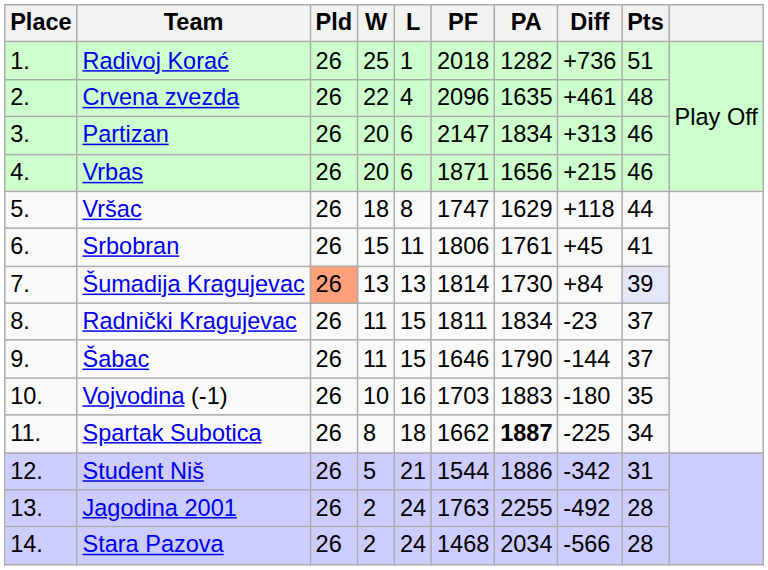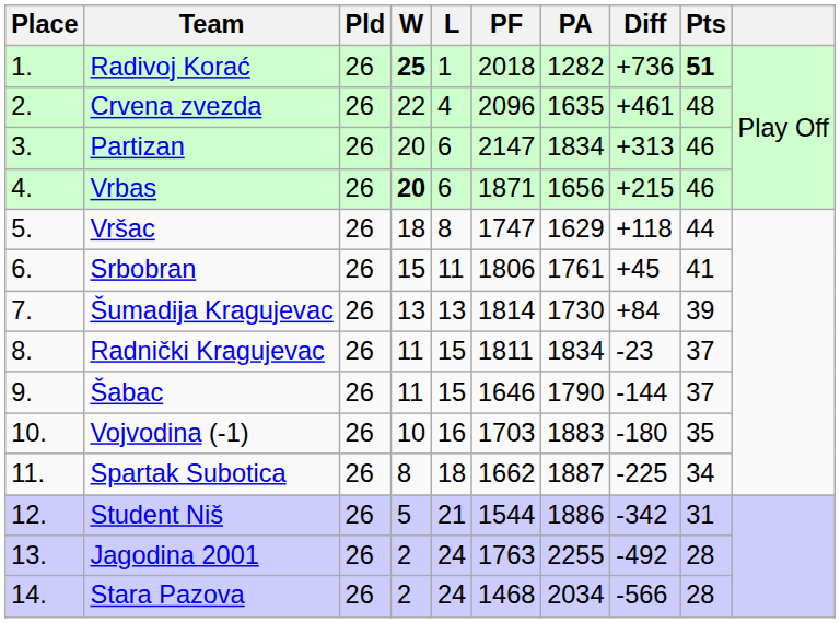 <table class="wikitable">
 <tr>
 <th>Place</th>
 <th>Team</th>
 <th>Pld</th>
 <th>W</th>
 <th>L</th>
 <th>PF</th>
 <th>PA</th>
 <th>Diff</th>
 <th>Pts</th>
 <th></th>
 </tr>
 <tr bgcolor=#ccffcc>
 <td>1.</td>
 <td><a href='#'>Radivoj Korać</a></td>
 <td>26</td>
-<td>25</td>
+<td><strong>25</strong></td>
 <td>1</td>
 <td>2018</td>
 <td>1282</td>
 <td>+736</td>
-<td>51</td>
+<td><strong>51</strong></td>
 <td rowspan="4">Play Off</td>
 </tr>
 <tr bgcolor=#ccffcc>
 <td>2.</td>
 <td><a href='#'>Crvena zvezda</a></td>
 <td>26</td>
 <td>22</td>
 <td>4</td>
 <td>2096</td>
 <td>1635</td>
 <td>+461</td>
 <td>48</td>
 </tr>
 <tr bgcolor=#ccffcc>
 <td>3.</td>
 <td><a href='#'>Partizan</a></td>
 <td>26</td>
 <td>20</td>
 <td>6</td>
 <td>2147</td>
 <td>1834</td>
 <td>+313</td>
 <td>46</td>
 </tr>
 <tr bgcolor=#ccffcc>
 <td>4.</td>
 <td><a href='#'>Vrbas</a></td>
 <td>26</td>
-<td>20</td>
+<td><strong>20</strong></td>
 <td>6</td>
 <td>1871</td>
 <td>1656</td>
 <td>+215</td>
 <td>46</td>
 </tr>
 <tr>
 <td>5.</td>
 <td><a href='#'>Vršac</a></td>
 <td>26</td>
 <td>18</td>
 <td>8</td>
 <td>1747</td>
 <td>1629</td>
 <td>+118</td>
 <td>44</td>
 <td rowspan="7"></td>
 </tr>
 <tr>
 <td>6.</td>
 <td><a href='#'>Srbobran</a></td>
 <td>26</td>
 <td>15</td>
 <td>11</td>
 <td>1806</td>
 <td>1761</td>
 <td>+45</td>
 <td>41</td>
 </tr>
 <tr>
 <td>7.</td>
 <td><a href='#'>Šumadija Kragujevac</a></td>
-<td style="background: lightsalmon;">26</td>
+<td>26</td>
 <td>13</td>
 <td>13</td>
 <td>1814</td>
 <td>1730</td>
 <td>+84</td>
-<td style="background: lavender;">39</td>
+<td>39</td>
 </tr>
 <tr>
 <td>8.</td>
 <td><a href='#'>Radnički Kragujevac</a></td>
 <td>26</td>
 <td>11</td>
 <td>15</td>
 <td>1811</td>
 <td>1834</td>
 <td>-23</td>
 <td>37</td>
 </tr>
 <tr>
 <td>9.</td>
 <td><a href='#'>Šabac</a></td>
 <td>26</td>
 <td>11</td>
 <td>15</td>
 <td>1646</td>
 <td>1790</td>
 <td>-144</td>
 <td>37</td>
 </tr>
 <tr>
 <td>10.</td>
 <td><a href='#'>Vojvodina</a> (-1)</td>
 <td>26</td>
 <td>10</td>
 <td>16</td>
 <td>1703</td>
 <td>1883</td>
 <td>-180</td>
 <td>35</td>
 </tr>
 <tr>
 <td>11.</td>
 <td><a href='#'>Spartak Subotica</a></td>
 <td>26</td>
 <td>8</td>
 <td>18</td>
 <td>1662</td>
-<td><strong>1887</strong></td>
+<td>1887</td>
 <td>-225</td>
 <td>34</td>
 </tr>
 <tr style="background:#CCCCFF;">
 <td>12.</td>
 <td><a href='#'>Student Niš</a></td>
 <td>26</td>
 <td>5</td>
 <td>21</td>
 <td>1544</td>
 <td>1886</td>
 <td>-342</td>
 <td>31</td>
 <td rowspan="3"></td>
 </tr>
 <tr style="background:#CCCCFF;">
 <td>13.</td>
 <td><a href='#'>Jagodina 2001</a></td>
 <td>26</td>
 <td>2</td>
 <td>24</td>
 <td>1763</td>
 <td>2255</td>
 <td>-492</td>
 <td>28</td>
 </tr>
 <tr style="background:#CCCCFF;">
 <td>14.</td>
 <td><a href='#'>Stara Pazova</a></td>
 <td>26</td>
 <td>2</td>
 <td>24</td>
 <td>1468</td>
 <td>2034</td>
 <td>-566</td>
 <td>28</td>
 </tr>
 </table>
